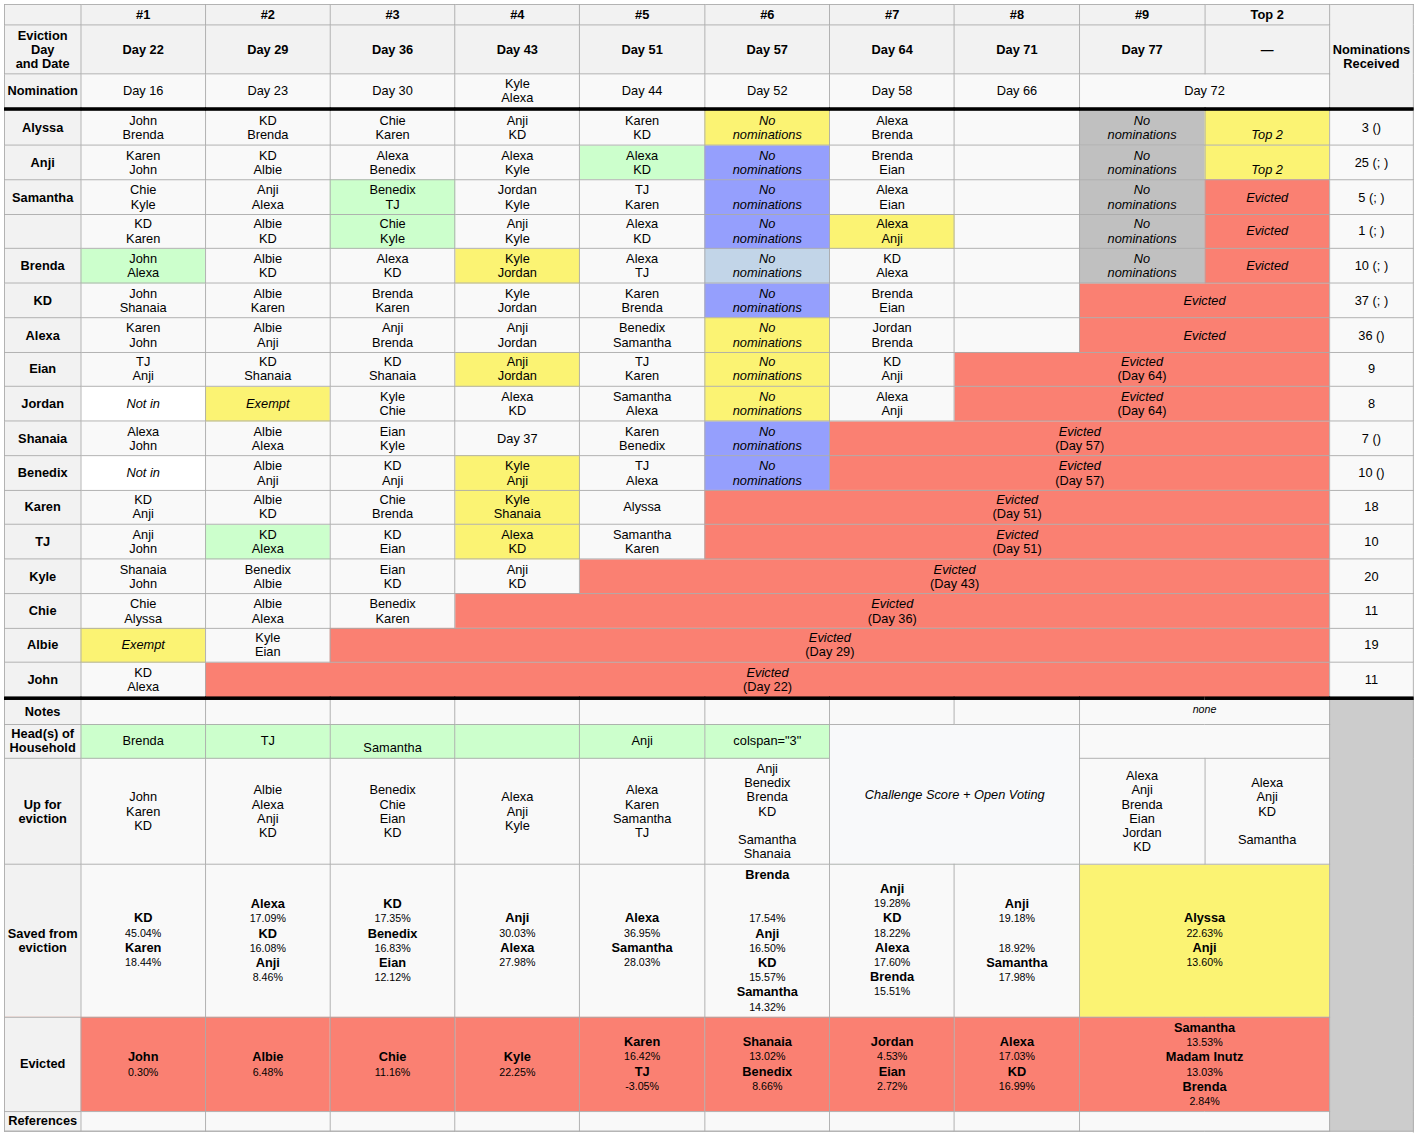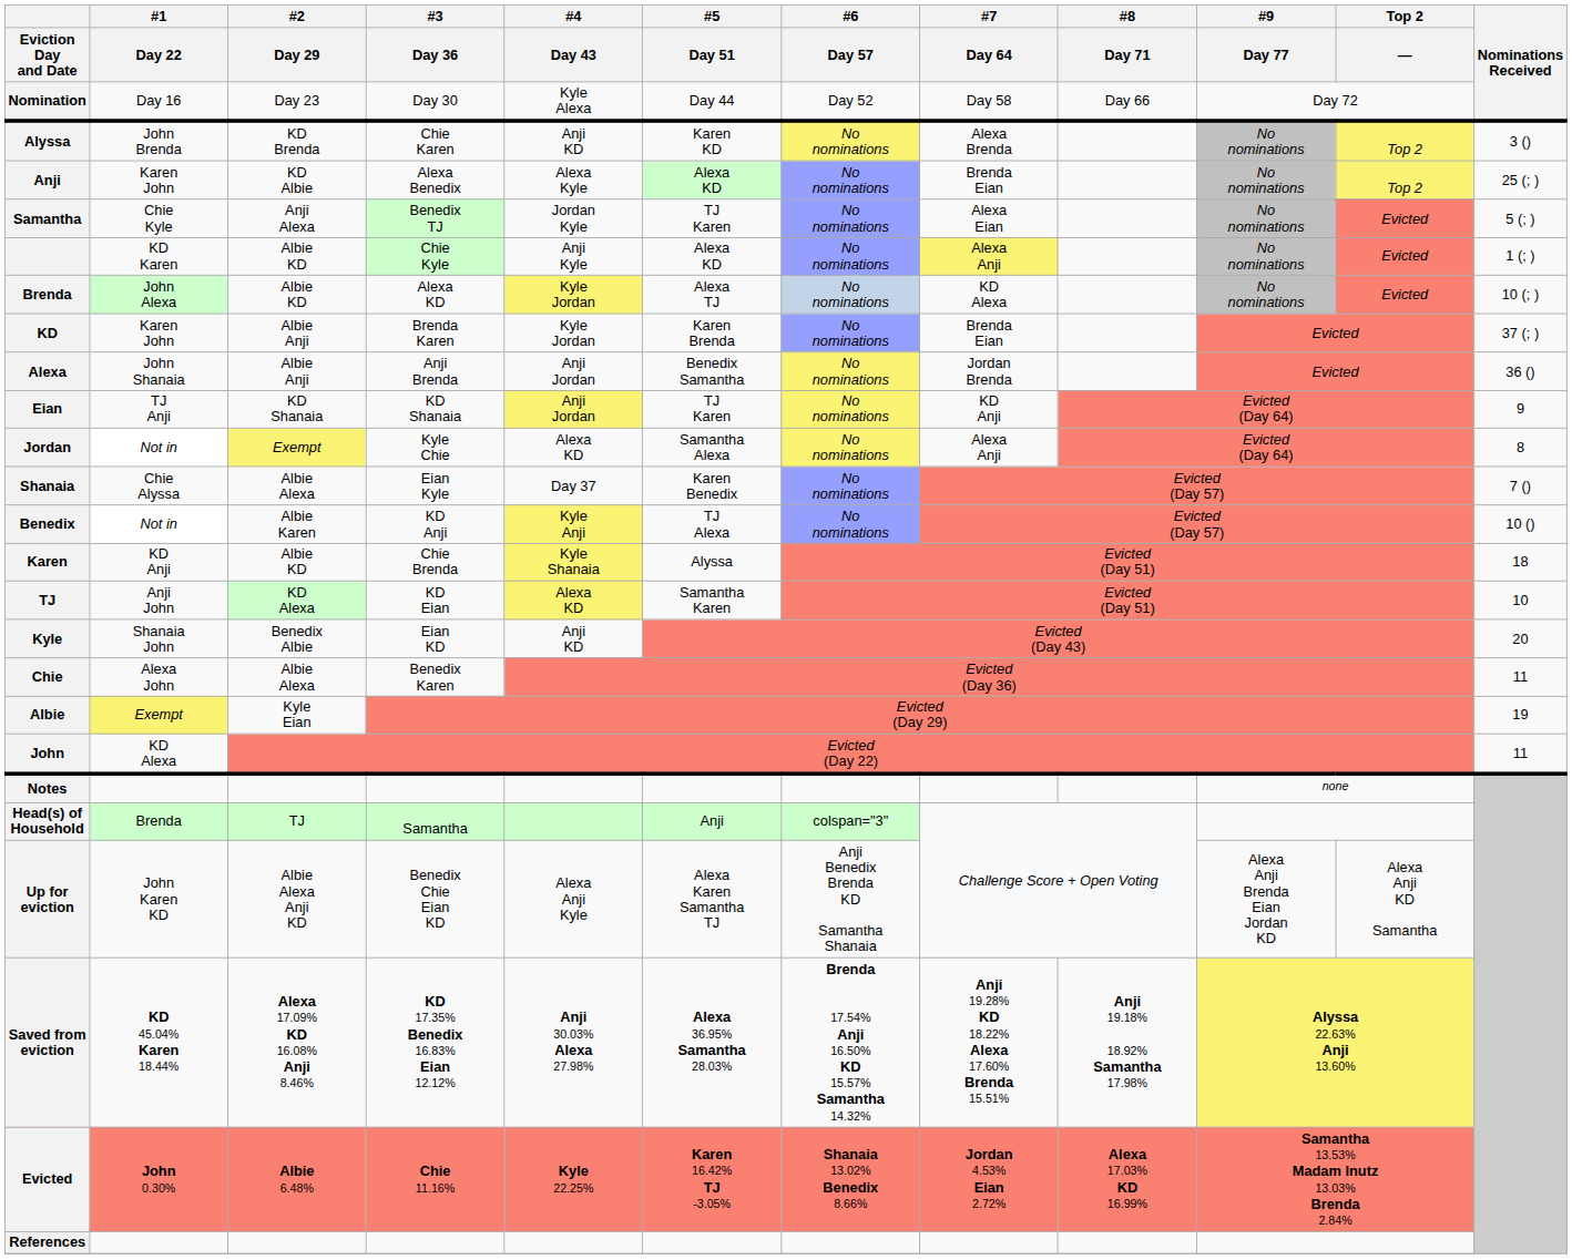 <table class="wikitable" style="width:100%; text-align:center; font-size:90%; line-height:16px;">
 <tr>
 <th width="5%"></th>
 <th width="9%">#1</th>
 <th width="9%">#2</th>
 <th width="9%">#3</th>
 <th width="9%">#4</th>
 <th width="9%">#5</th>
 <th width="9%">#6</th>
 <th width="9%">#7</th>
 <th width="9%">#8</th>
 <th width="9%">#9</th>
 <th width="9%">Top 2</th>
 <th width="5%" rowspan="3">Nominations<br>Received</th>
 </tr>
 <tr>
 <th>Eviction Day<br>and Date</th>
 <th>Day 22<br><small></small></th>
 <th>Day 29<br><small></small></th>
 <th>Day 36<br><small></small></th>
 <th>Day 43<br><small></small></th>
 <th>Day 51<br><small></small></th>
 <th>Day 57<br><small></small></th>
 <th>Day 64<br><small></small></th>
 <th>Day 71<br><small></small></th>
 <th>Day 77<br><small></small></th>
 <th>—</th>
 </tr>
 <tr>
 <th>Nomination <br></th>
 <td>Day 16<br><small></small></td>
 <td>Day 23<br><small></small></td>
 <td>Day 30<br><small></small></td>
 <td>Kyle<br>Alexa</td>
 <td>Day 44<br><small></small></td>
 <td>Day 52<br><small></small></td>
 <td>Day 58<br><small></small></td>
 <td>Day 66<br><small></small></td>
 <td colspan="2">Day 72<br><small></small></td>
 </tr>
 <tr style="border-top: 4px solid;">
 <th>Alyssa</th>
 <td>John<br>Brenda</td>
 <td>KD<br>Brenda</td>
 <td>Chie<br>Karen</td>
 <td>Anji<br>KD</td>
 <td>Karen<br>KD</td>
 <td style="background:#FBF373;"><em>No<br>nominations</em></td>
 <td>Alexa<br>Brenda</td>
 <td><br></td>
 <td style="background:#C0C0C0;"><em>No<br>nominations</em></td>
 <td style="background:#FBF373;"><em><br>Top 2</em></td>
 <td>3 ()</td>
 </tr>
 <tr>
 <th>Anji</th>
 <td>Karen<br>John</td>
 <td>KD<br>Albie</td>
 <td>Alexa<br>Benedix</td>
 <td>Alexa<br>Kyle</td>
 <td style="background:#CCFFCC;">Alexa<br>KD</td>
 <td style="background:#959FFD;"><em>No<br>nominations</em></td>
 <td>Brenda<br>Eian</td>
 <td><br></td>
 <td style="background:#C0C0C0;"><em>No<br>nominations</em></td>
 <td style="background:#FBF373;"><em><br>Top 2</em></td>
 <td>25 (; )</td>
 </tr>
 <tr>
 <th>Samantha</th>
 <td>Chie<br>Kyle</td>
 <td>Anji<br>Alexa</td>
 <td style="background:#CCFFCC;">Benedix<br>TJ</td>
 <td>Jordan<br>Kyle</td>
 <td>TJ<br>Karen</td>
 <td style="background:#959FFD;"><em>No<br>nominations</em></td>
 <td>Alexa<br>Eian</td>
 <td><br></td>
 <td style="background:#C0C0C0;"><em>No<br>nominations</em></td>
 <td style="background:#FA8072"><em>Evicted</em><br></td>
 <td>5 (; )</td>
 </tr>
 <tr>
 <th></th>
 <td>KD<br>Karen</td>
 <td>Albie<br>KD</td>
 <td style="background:#CCFFCC;">Chie<br>Kyle</td>
 <td>Anji<br>Kyle</td>
 <td>Alexa<br>KD</td>
 <td style="background:#959FFD;"><em>No<br>nominations</em></td>
 <td style="background:#FBF373;">Alexa<br>Anji</td>
 <td><br></td>
 <td style="background:#C0C0C0;"><em>No<br>nominations</em></td>
 <td style="background:#FA8072"><em>Evicted</em><br></td>
 <td>1 (; )</td>
 </tr>
 <tr>
 <th>Brenda</th>
 <td style="background:#CCFFCC;">John<br>Alexa</td>
 <td>Albie<br>KD</td>
 <td>Alexa<br>KD</td>
 <td style="background:#FBF373;">Kyle<br>Jordan</td>
 <td>Alexa<br>TJ</td>
 <td style="background:#C2D5E8;"><em>No<br>nominations</em></td>
 <td>KD<br>Alexa</td>
 <td><br></td>
 <td style="background:#C0C0C0;"><em>No<br>nominations</em></td>
 <td style="background:#FA8072"><em>Evicted</em><br></td>
 <td>10 (; )</td>
 </tr>
 <tr>
 <th>KD</th>
-<td>John<br>Shanaia</td>
-<td>Albie<br>Karen</td>
+<td>Karen<br>John</td>
+<td>Albie<br>Anji</td>
 <td>Brenda<br>Karen</td>
 <td>Kyle<br>Jordan</td>
 <td>Karen<br>Brenda</td>
 <td style="background:#959FFD;"><em>No<br>nominations</em></td>
 <td>Brenda<br>Eian</td>
 <td><br></td>
 <td colspan="2" style="background:#FA8072"><em>Evicted</em><br></td>
 <td>37 (; )</td>
 </tr>
 <tr>
 <th>Alexa</th>
-<td>Karen<br>John</td>
+<td>John<br>Shanaia</td>
 <td>Albie<br>Anji</td>
 <td>Anji<br>Brenda</td>
 <td>Anji<br>Jordan</td>
 <td>Benedix<br>Samantha</td>
 <td style="background:#FBF373;"><em>No<br>nominations</em></td>
 <td>Jordan<br>Brenda</td>
 <td><br></td>
 <td colspan="2" style="background:#FA8072"><em>Evicted</em><br></td>
 <td>36 ()</td>
 </tr>
 <tr>
 <th>Eian</th>
 <td>TJ<br>Anji</td>
 <td>KD<br>Shanaia</td>
 <td>KD<br>Shanaia</td>
 <td style="background:#FBF373;">Anji<br>Jordan</td>
 <td>TJ<br>Karen</td>
 <td style="background:#FBF373;"><em>No<br>nominations</em></td>
 <td>KD<br>Anji</td>
 <td colspan="3" style="background:#FA8072"><em>Evicted</em><br>(Day 64)</td>
 <td>9</td>
 </tr>
 <tr>
 <th>Jordan</th>
 <td style="background:white"><em>Not in<br></em></td>
 <td style="background:#FBF373;"><em>Exempt</em></td>
 <td>Kyle<br>Chie</td>
 <td>Alexa<br>KD</td>
 <td>Samantha<br>Alexa</td>
 <td style="background:#FBF373;"><em>No<br>nominations</em></td>
 <td>Alexa<br>Anji</td>
 <td colspan="3" style="background:#FA8072"><em>Evicted</em><br>(Day 64)</td>
 <td>8</td>
 </tr>
 <tr>
 <th>Shanaia</th>
-<td>Alexa<br>John</td>
+<td>Chie<br>Alyssa</td>
 <td>Albie<br>Alexa</td>
 <td>Eian<br>Kyle</td>
 <td>Day 37<br><small></small></td>
 <td>Karen<br>Benedix</td>
 <td style="background:#959FFD;"><em>No<br>nominations</em></td>
 <td colspan="4" style="background:#FA8072"><em>Evicted</em><br>(Day 57)</td>
 <td>7 ()</td>
 </tr>
 <tr>
 <th>Benedix</th>
 <td style="background:white"><em>Not in<br></em></td>
-<td>Albie<br>Anji</td>
+<td>Albie<br>Karen</td>
 <td>KD<br>Anji</td>
 <td style="background:#FBF373;">Kyle<br>Anji</td>
 <td>TJ<br>Alexa</td>
 <td style="background:#959FFD;"><em>No<br>nominations</em></td>
 <td colspan="4" style="background:#FA8072"><em>Evicted</em><br>(Day 57)</td>
 <td>10 ()</td>
 </tr>
 <tr>
 <th>Karen</th>
 <td>KD<br>Anji</td>
 <td>Albie<br>KD</td>
 <td>Chie<br>Brenda</td>
 <td style="background:#FBF373;">Kyle<br>Shanaia</td>
 <td>Alyssa<br></td>
 <td colspan="5" style="background:#FA8072"><em>Evicted</em><br>(Day 51)</td>
 <td>18</td>
 </tr>
 <tr>
 <th>TJ</th>
 <td>Anji<br>John</td>
 <td style="background:#CCFFCC;">KD<br>Alexa</td>
 <td>KD<br>Eian</td>
 <td style="background:#FBF373;">Alexa<br>KD</td>
 <td>Samantha<br>Karen</td>
 <td colspan="5" style="background:#FA8072"><em>Evicted</em><br>(Day 51)</td>
 <td>10</td>
 </tr>
 <tr Brenda>
 <th>Kyle</th>
 <td>Shanaia<br>John</td>
 <td>Benedix<br>Albie</td>
 <td>Eian<br>KD</td>
 <td>Anji<br>KD</td>
 <td colspan="6" style="background:#FA8072"><em>Evicted</em><br>(Day 43)</td>
 <td>20</td>
 </tr>
 <tr>
 <th>Chie</th>
-<td>Chie<br>Alyssa</td>
+<td>Alexa<br>John</td>
 <td>Albie<br>Alexa</td>
 <td>Benedix<br>Karen</td>
 <td colspan="7" style="background:#FA8072"><em>Evicted</em><br>(Day 36)</td>
 <td>11</td>
 </tr>
 <tr>
 <th>Albie</th>
 <td style="background:#FBF373;"><em>Exempt</em></td>
 <td>Kyle<br>Eian</td>
 <td colspan="8" style="background:#FA8072"><em>Evicted</em><br>(Day 29)</td>
 <td>19</td>
 </tr>
 <tr>
 <th>John</th>
 <td>KD<br>Alexa</td>
 <td colspan="9" style="background:#FA8072"><em>Evicted</em><br>(Day 22)</td>
 <td>11</td>
 </tr>
 <tr style="border-top: 4px solid;">
 <th>Notes</th>
 <td></td>
 <td></td>
 <td></td>
 <td></td>
 <td></td>
 <td>  </td>
 <td>   </td>
 <td>  </td>
 <td colspan="2"><sup><em>none</em></sup></td>
 <td rowspan="8" style="background:#CCCCCC"></td>
 </tr>
 <tr style="background:#CCFFCC;">
 <th>Head(s) of<br>Household</th>
 <td>Brenda</td>
 <td>TJ</td>
 <td><br>Samantha</td>
 <td></td>
 <td>Anji</td>
 <td>colspan="3" </td>
 <td colspan="2" rowspan="2" style="background:#F8F9FA"><em>Challenge Score + Open Voting</em></td>
 </tr>
 <tr>
 <th>Up for eviction</th>
 <td>John<br>Karen<br>KD</td>
 <td>Albie<br>Alexa<br>Anji<br>KD</td>
 <td>Benedix<br>Chie<br>Eian<br>KD</td>
 <td>Alexa<br>Anji<br>Kyle</td>
 <td>Alexa<br>Karen<br>Samantha<br>TJ</td>
 <td>Anji<br>Benedix<br>Brenda<br>KD<br><br>Samantha<br>Shanaia</td>
 <td>Alexa<br>Anji<br>Brenda<br>Eian<br>Jordan<br>KD<br></td>
 <td>Alexa<br>Anji<br>KD<br><br>Samantha</td>
 </tr>
 <tr>
 <th>Saved from eviction</th>
 <td><strong>KD</strong><br><small>45.04%</small><br><strong>Karen</strong><br><small>18.44%</small></td>
 <td><strong>Alexa</strong><br><small>17.09%</small><br> <strong>KD</strong><br><small>16.08%</small><br> <strong>Anji</strong><br><small>8.46%</small></td>
 <td><strong>KD</strong><br><small>17.35%</small><br> <strong>Benedix</strong><br><small>16.83%</small><br> <strong>Eian</strong><br><small>12.12%</small></td>
 <td><strong>Anji</strong><br><small>30.03%</small><br><strong>Alexa</strong><br><small>27.98%</small></td>
 <td><strong>Alexa</strong><br><small>36.95%</small><br><strong>Samantha</strong><br><small>28.03%</small></td>
 <td><strong>Brenda</strong><br><small></small><br><strong></strong><br><small>17.54%</small><br><strong>Anji</strong><br><small>16.50%</small><br><strong>KD</strong><br><small>15.57%</small><br><strong>Samantha</strong><br><small>14.32%</small></td>
 <td><strong>Anji</strong><br><small>19.28%</small><br><strong>KD</strong><br><small>18.22%</small><br><strong>Alexa</strong><br><small>17.60%</small><br><strong>Brenda</strong><br><small>15.51%</small></td>
 <td><strong>Anji</strong><br><small>19.18%</small><br><strong></strong><br><small>18.92%</small><br><strong>Samantha</strong><br><small>17.98%</small></td>
 <td colspan="2" style="background:#FBF373;"><strong>Alyssa</strong><br><small>22.63%</small><br><strong>Anji</strong><br><small>13.60%</small></td>
 </tr>
 <tr style="background:#FA8072">
 <th>Evicted</th>
 <td><strong>John</strong><br><small>0.30%</small></td>
 <td><strong>Albie</strong><br><small>6.48%</small><br></td>
 <td><strong>Chie</strong><br><small>11.16%</small><br></td>
 <td><strong>Kyle</strong><br><small>22.25%</small><br></td>
 <td><strong>Karen</strong><br><small>16.42%</small><br><strong>TJ</strong><br><small>-3.05%</small></td>
 <td><strong>Shanaia</strong><br><small>13.02%</small><br><strong>Benedix</strong><br><small>8.66%</small></td>
 <td><strong>Jordan</strong><br><small>4.53%</small><br><strong>Eian</strong><br><small>2.72%</small></td>
 <td><strong>Alexa</strong><br><small>17.03%</small><br><strong>KD</strong><br><small>16.99%</small><br></td>
 <td colspan="2"><strong>Samantha</strong><br><small>13.53%</small><br><strong>Madam Inutz</strong><br><small>13.03%</small><br><strong>Brenda</strong><br><small>2.84%</small></td>
 </tr>
 <tr>
 <th>References</th>
 <td></td>
 <td></td>
 <td></td>
 <td></td>
 <td></td>
 <td></td>
 <td></td>
 <td></td>
 <td colspan="2"></td>
 </tr>
 <tr>
 </tr>
 </table>
